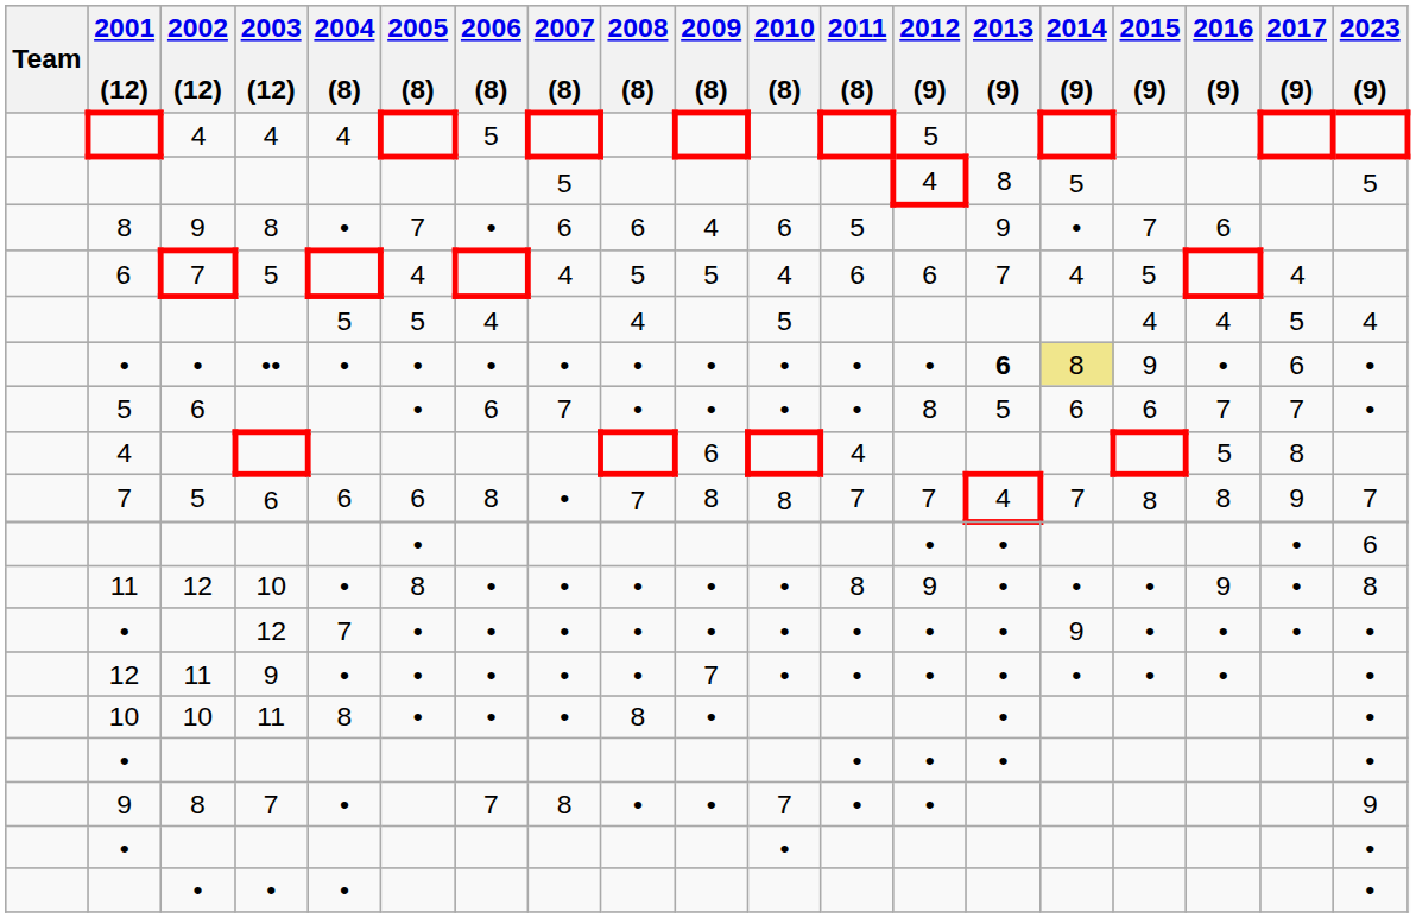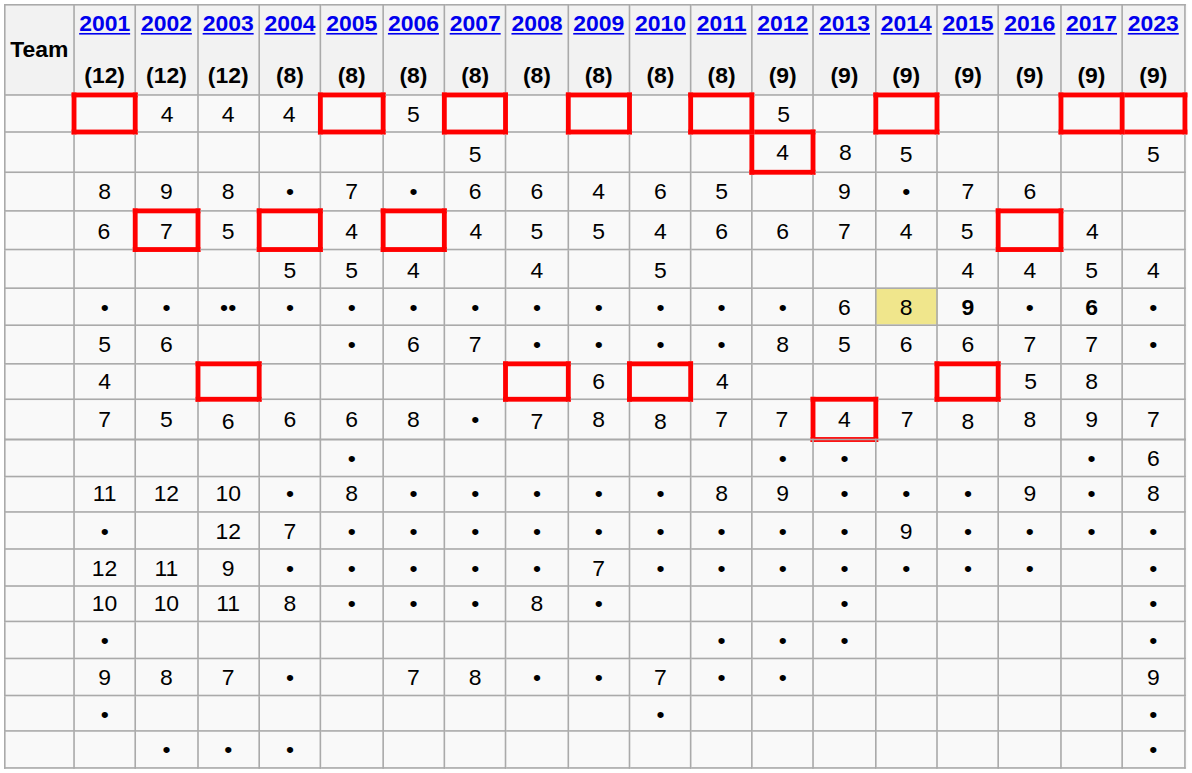 <table class="wikitable" style="font-size: 89%">
 <tr>
 <th>Team</th>
 <th><a href='#'>2001</a><br><br>(12)</th>
 <th><a href='#'>2002</a><br><br>(12)</th>
 <th><a href='#'>2003</a><br><br>(12)</th>
 <th><a href='#'>2004</a><br><br>(8)</th>
 <th><a href='#'>2005</a><br><br>(8)</th>
 <th><a href='#'>2006</a><br><br>(8)</th>
 <th><a href='#'>2007</a><br><br>(8)</th>
 <th><a href='#'>2008</a><br><br>(8)</th>
 <th><a href='#'>2009</a><br><br>(8)</th>
 <th><a href='#'>2010</a><br><br>(8)</th>
 <th><a href='#'>2011</a><br><br>(8)</th>
 <th><a href='#'>2012</a><br><br>(9)</th>
 <th><a href='#'>2013</a><br><br>(9)</th>
 <th><a href='#'>2014</a><br><br>(9)</th>
 <th><a href='#'>2015</a><br><br>(9)</th>
 <th><a href='#'>2016</a><br><br>(9)</th>
 <th><a href='#'>2017</a><br><br>(9)</th>
 <th><a href='#'>2023</a><br><br>(9)</th>
 </tr>
 <tr align=center>
 <td align=left></td>
 <td style="border: 3px solid red"></td>
 <td>4</td>
 <td>4</td>
 <td>4</td>
 <td style="border: 3px solid red"></td>
 <td>5</td>
 <td style="border: 3px solid red"></td>
 <td></td>
 <td style="border: 3px solid red"></td>
 <td></td>
 <td style="border: 3px solid red"></td>
 <td>5</td>
 <td></td>
 <td style="border: 3px solid red"></td>
 <td></td>
 <td></td>
 <td style="border: 3px solid red"></td>
 <td style="border: 3px solid red"></td>
 </tr>
 <tr align=center>
 <td align=left></td>
 <td></td>
 <td></td>
 <td></td>
 <td></td>
 <td></td>
 <td></td>
 <td>5</td>
 <td></td>
 <td></td>
 <td></td>
 <td></td>
 <td style="border: 3px solid red">4</td>
 <td>8</td>
 <td>5</td>
 <td></td>
 <td></td>
 <td></td>
 <td>5</td>
 </tr>
 <tr align=center>
 <td align=left></td>
 <td>8</td>
 <td>9</td>
 <td>8</td>
 <td>•</td>
 <td>7</td>
 <td>•</td>
 <td>6</td>
 <td>6</td>
 <td>4</td>
 <td>6</td>
 <td>5</td>
 <td></td>
 <td>9</td>
 <td>•</td>
 <td>7</td>
 <td>6</td>
 <td></td>
 <td></td>
 </tr>
 <tr align=center>
 <td align=left></td>
 <td>6</td>
 <td style="border: 3px solid red">7</td>
 <td>5</td>
 <td style="border: 3px solid red"></td>
 <td>4</td>
 <td style="border: 3px solid red"></td>
 <td>4</td>
 <td>5</td>
 <td>5</td>
 <td>4</td>
 <td>6</td>
 <td>6</td>
 <td>7</td>
 <td>4</td>
 <td>5</td>
 <td style="border: 3px solid red"></td>
 <td>4</td>
 <td></td>
 </tr>
 <tr align=center>
 <td align=left></td>
 <td></td>
 <td></td>
 <td></td>
 <td>5</td>
 <td>5</td>
 <td>4</td>
 <td></td>
 <td>4</td>
 <td></td>
 <td>5</td>
 <td></td>
 <td></td>
 <td></td>
 <td></td>
 <td>4</td>
 <td>4</td>
 <td>5</td>
 <td>4</td>
 </tr>
 <tr align=center>
 <td align=left></td>
 <td>•</td>
 <td>•</td>
 <td>••</td>
 <td>•</td>
 <td>•</td>
 <td>•</td>
 <td>•</td>
 <td>•</td>
 <td>•</td>
 <td>•</td>
 <td>•</td>
 <td>•</td>
+<td>6</td>
+<td style="background: khaki;">8</td>
+<td><strong>9</strong></td>
+<td>•</td>
 <td><strong>6</strong></td>
-<td style="background: khaki;">8</td>
-<td>9</td>
-<td>•</td>
-<td>6</td>
 <td>•</td>
 </tr>
 <tr align=center>
 <td align=left></td>
 <td>5</td>
 <td>6</td>
 <td></td>
 <td></td>
 <td>•</td>
 <td>6</td>
 <td>7</td>
 <td>•</td>
 <td>•</td>
 <td>•</td>
 <td>•</td>
 <td>8</td>
 <td>5</td>
 <td>6</td>
 <td>6</td>
 <td>7</td>
 <td>7</td>
 <td>•</td>
 </tr>
 <tr align=center>
 <td align=left></td>
 <td>4</td>
 <td></td>
 <td style="border: 3px solid red"></td>
 <td></td>
 <td></td>
 <td></td>
 <td></td>
 <td style="border: 3px solid red"></td>
 <td>6</td>
 <td style="border: 3px solid red"></td>
 <td>4</td>
 <td></td>
 <td></td>
 <td></td>
 <td style="border: 3px solid red"></td>
 <td>5</td>
 <td>8</td>
 <td></td>
 </tr>
 <tr align=center>
 <td align=left></td>
 <td>7</td>
 <td>5</td>
 <td>6</td>
 <td>6</td>
 <td>6</td>
 <td>8</td>
 <td>•</td>
 <td>7</td>
 <td>8</td>
 <td>8</td>
 <td>7</td>
 <td>7</td>
 <td style="border: 3px solid red">4</td>
 <td>7</td>
 <td>8</td>
 <td>8</td>
 <td>9</td>
 <td>7</td>
 </tr>
 <tr>
 </tr>
 <tr align=center>
 <td align=left></td>
 <td></td>
 <td></td>
 <td></td>
 <td></td>
 <td>•</td>
 <td></td>
 <td></td>
 <td></td>
 <td></td>
 <td></td>
 <td></td>
 <td>•</td>
 <td>•</td>
 <td></td>
 <td></td>
 <td></td>
 <td>•</td>
 <td>6</td>
 </tr>
 <tr align=center>
 <td align=left></td>
 <td>11</td>
 <td>12</td>
 <td>10</td>
 <td>•</td>
 <td>8</td>
 <td>•</td>
 <td>•</td>
 <td>•</td>
 <td>•</td>
 <td>•</td>
 <td>8</td>
 <td>9</td>
 <td>•</td>
 <td>•</td>
 <td>•</td>
 <td>9</td>
 <td>•</td>
 <td>8</td>
 </tr>
 <tr align=center>
 <td align=left></td>
 <td>•</td>
 <td></td>
 <td>12</td>
 <td>7</td>
 <td>•</td>
 <td>•</td>
 <td>•</td>
 <td>•</td>
 <td>•</td>
 <td>•</td>
 <td>•</td>
 <td>•</td>
 <td>•</td>
 <td>9</td>
 <td>•</td>
 <td>•</td>
 <td>•</td>
 <td>•</td>
 </tr>
 <tr align=center>
 <td align=left></td>
 <td>12</td>
 <td>11</td>
 <td>9</td>
 <td>•</td>
 <td>•</td>
 <td>•</td>
 <td>•</td>
 <td>•</td>
 <td>7</td>
 <td>•</td>
 <td>•</td>
 <td>•</td>
 <td>•</td>
 <td>•</td>
 <td>•</td>
 <td>•</td>
 <td></td>
 <td>•</td>
 </tr>
 <tr align=center>
 <td align=left></td>
 <td>10</td>
 <td>10</td>
 <td>11</td>
 <td>8</td>
 <td>•</td>
 <td>•</td>
 <td>•</td>
 <td>8</td>
 <td>•</td>
 <td></td>
 <td></td>
 <td></td>
 <td>•</td>
 <td></td>
 <td></td>
 <td></td>
 <td></td>
 <td>•</td>
 </tr>
 <tr align=center>
 <td align=left></td>
 <td>•</td>
 <td></td>
 <td></td>
 <td></td>
 <td></td>
 <td></td>
 <td></td>
 <td></td>
 <td></td>
 <td></td>
 <td>•</td>
 <td>•</td>
 <td>•</td>
 <td></td>
 <td></td>
 <td></td>
 <td></td>
 <td>•</td>
 </tr>
 <tr align=center>
 <td align=left></td>
 <td>9</td>
 <td>8</td>
 <td>7</td>
 <td>•</td>
 <td></td>
 <td>7</td>
 <td>8</td>
 <td>•</td>
 <td>•</td>
 <td>7</td>
 <td>•</td>
 <td>•</td>
 <td></td>
 <td></td>
 <td></td>
 <td></td>
 <td></td>
 <td>9</td>
 </tr>
 <tr align=center>
 <td align=left></td>
 <td>•</td>
 <td></td>
 <td></td>
 <td></td>
 <td></td>
 <td></td>
 <td></td>
 <td></td>
 <td></td>
 <td>•</td>
 <td></td>
 <td></td>
 <td></td>
 <td></td>
 <td></td>
 <td></td>
 <td></td>
 <td>•</td>
 </tr>
 <tr align=center>
 <td align=left></td>
 <td></td>
 <td>•</td>
 <td>•</td>
 <td>•</td>
 <td></td>
 <td></td>
 <td></td>
 <td></td>
 <td></td>
 <td></td>
 <td></td>
 <td></td>
 <td></td>
 <td></td>
 <td></td>
 <td></td>
 <td></td>
 <td>•</td>
 </tr>
 </table>
